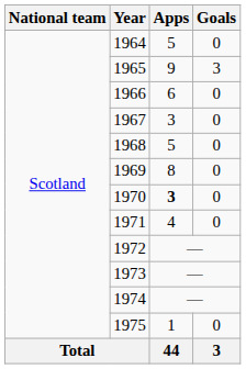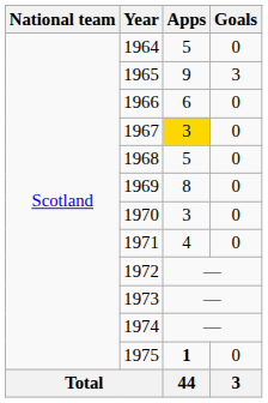 <table class="wikitable" style="font-size:100%; text-align: center">
 <tr>
 <th>National team</th>
 <th>Year</th>
 <th>Apps</th>
 <th>Goals</th>
 </tr>
 <tr>
 <td rowspan="12"><a href='#'>Scotland</a></td>
 <td>1964</td>
 <td>5</td>
 <td>0</td>
 </tr>
 <tr>
 <td>1965</td>
 <td>9</td>
 <td>3</td>
 </tr>
 <tr>
 <td>1966</td>
 <td>6</td>
 <td>0</td>
 </tr>
 <tr>
 <td>1967</td>
-<td>3</td>
+<td style="background: gold;">3</td>
 <td>0</td>
 </tr>
 <tr>
 <td>1968</td>
 <td>5</td>
 <td>0</td>
 </tr>
 <tr>
 <td>1969</td>
 <td>8</td>
 <td>0</td>
 </tr>
 <tr>
 <td>1970</td>
-<td><strong>3</strong></td>
+<td>3</td>
 <td>0</td>
 </tr>
 <tr>
 <td>1971</td>
 <td>4</td>
 <td>0</td>
 </tr>
 <tr>
 <td>1972</td>
 <td colspan=2>—</td>
 </tr>
 <tr>
 <td>1973</td>
 <td colspan=2>—</td>
 </tr>
 <tr>
 <td>1974</td>
 <td colspan=2>—</td>
 </tr>
 <tr>
 <td>1975</td>
-<td>1</td>
+<td><strong>1</strong></td>
 <td>0</td>
 </tr>
 <tr>
 <th colspan=2>Total</th>
 <th>44</th>
 <th>3</th>
 </tr>
 </table>
